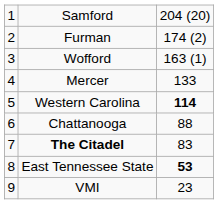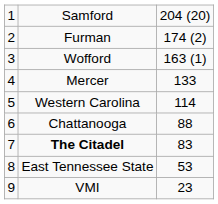 <table class="wikitable" style="display: inline-table;">
 <tr align="center">
 <td>1</td>
 <td>Samford</td>
 <td>204 (20)</td>
 </tr>
 <tr align="center">
 <td>2</td>
 <td>Furman</td>
 <td>174 (2)</td>
 </tr>
 <tr align="center">
 <td>3</td>
 <td>Wofford</td>
 <td>163 (1)</td>
 </tr>
 <tr align="center">
 <td>4</td>
 <td>Mercer</td>
 <td>133</td>
 </tr>
 <tr align="center">
 <td>5</td>
 <td>Western Carolina</td>
-<td><strong>114</strong></td>
+<td>114</td>
 </tr>
 <tr align="center">
 <td>6</td>
 <td>Chattanooga</td>
 <td>88</td>
 </tr>
 <tr align="center">
 <td>7</td>
 <td><strong>The Citadel</strong></td>
 <td>83</td>
 </tr>
 <tr align="center">
 <td>8</td>
 <td>East Tennessee State</td>
-<td><strong>53</strong></td>
+<td>53</td>
 </tr>
 <tr align="center">
 <td>9</td>
 <td>VMI</td>
 <td>23</td>
 </tr>
 </table>
